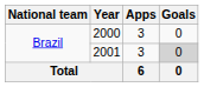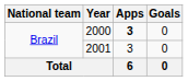 <table class="wikitable" style="text-align:center">
 <tr>
 <th>National team</th>
 <th>Year</th>
 <th>Apps</th>
 <th>Goals</th>
 </tr>
 <tr>
 <td rowspan="2"><a href='#'>Brazil</a></td>
 <td>2000</td>
-<td>3</td>
+<td><strong>3</strong></td>
 <td>0</td>
 </tr>
 <tr>
 <td>2001</td>
 <td>3</td>
-<td style="background: lightgrey;">0</td>
+<td>0</td>
 </tr>
 <tr>
 <th colspan="2">Total</th>
 <th>6</th>
 <th>0</th>
 </tr>
 </table>
